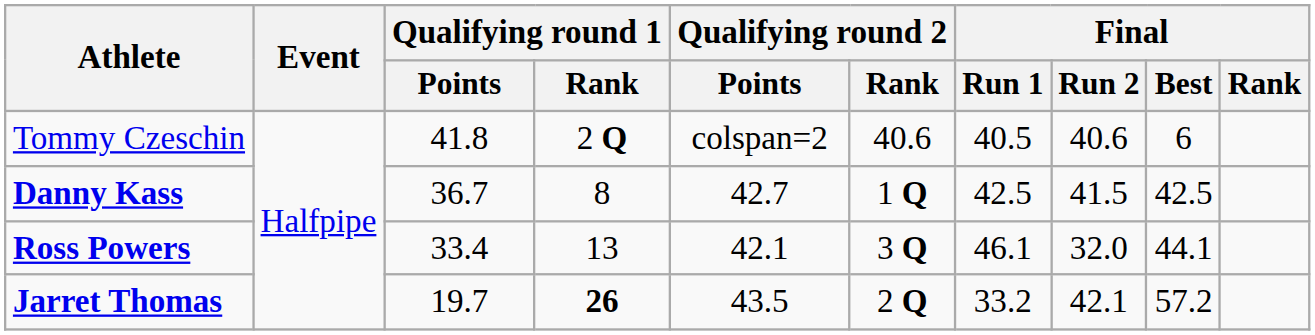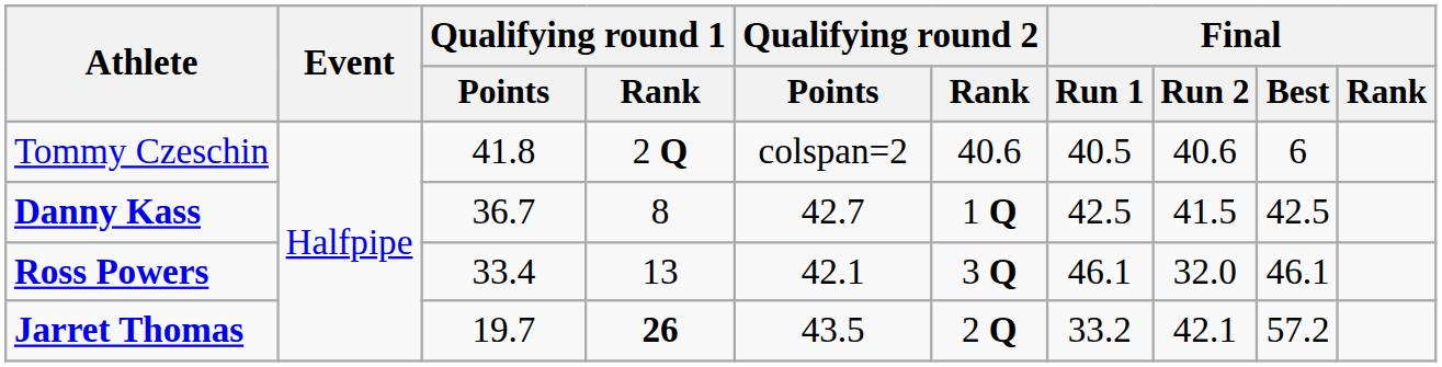 <table class=wikitable style=font-size:90%;text-align:center>
 <tr>
 <th rowspan=2>Athlete</th>
 <th rowspan=2>Event</th>
 <th colspan=2>Qualifying round 1</th>
 <th colspan=2>Qualifying round 2</th>
 <th colspan=4>Final</th>
 </tr>
 <tr style=font-size:95%>
 <th>Points</th>
 <th>Rank</th>
 <th>Points</th>
 <th>Rank</th>
 <th>Run 1</th>
 <th>Run 2</th>
 <th>Best</th>
 <th>Rank</th>
 </tr>
 <tr>
 <td align=left><a href='#'>Tommy Czeschin</a></td>
 <td align=left rowspan=4><a href='#'>Halfpipe</a></td>
 <td>41.8</td>
 <td>2 <strong>Q</strong></td>
 <td>colspan=2 </td>
 <td>40.6</td>
 <td>40.5</td>
 <td>40.6</td>
 <td>6</td>
 </tr>
 <tr>
 <td align=left><strong><a href='#'>Danny Kass</a></strong></td>
 <td>36.7</td>
 <td>8</td>
 <td>42.7</td>
 <td>1 <strong>Q</strong></td>
 <td>42.5</td>
 <td>41.5</td>
 <td>42.5</td>
 <td></td>
 </tr>
 <tr>
 <td align=left><strong><a href='#'>Ross Powers</a></strong></td>
 <td>33.4</td>
 <td>13</td>
 <td>42.1</td>
 <td>3 <strong>Q</strong></td>
 <td>46.1</td>
 <td>32.0</td>
-<td>44.1</td>
+<td>46.1</td>
 <td></td>
 </tr>
 <tr>
 <td align=left><strong><a href='#'>Jarret Thomas</a></strong></td>
 <td>19.7</td>
 <td><strong>26</strong></td>
 <td>43.5</td>
 <td>2 <strong>Q</strong></td>
 <td>33.2</td>
 <td>42.1</td>
 <td>57.2</td>
 <td></td>
 </tr>
 </table>
